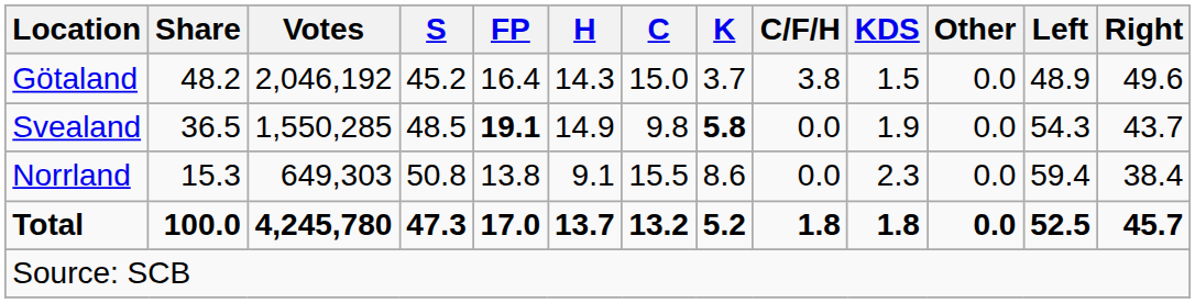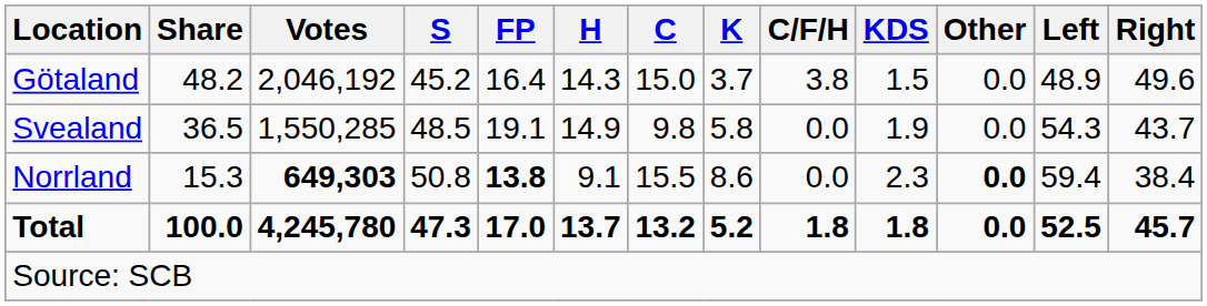 <table class="wikitable sortable" style=text-align:right>
 <tr>
 <th>Location</th>
 <th>Share</th>
 <th>Votes</th>
 <th><a href='#'>S</a></th>
 <th><a href='#'>FP</a></th>
 <th><a href='#'>H</a></th>
 <th><a href='#'>C</a></th>
 <th><a href='#'>K</a></th>
 <th>C/F/H</th>
 <th><a href='#'>KDS</a></th>
 <th>Other</th>
 <th>Left</th>
 <th>Right</th>
 </tr>
 <tr>
 <td align=left><a href='#'>Götaland</a></td>
 <td>48.2</td>
 <td>2,046,192</td>
 <td>45.2</td>
 <td>16.4</td>
 <td>14.3</td>
 <td>15.0</td>
 <td>3.7</td>
 <td>3.8</td>
 <td>1.5</td>
 <td>0.0</td>
 <td>48.9</td>
 <td>49.6</td>
 </tr>
 <tr>
 <td align=left><a href='#'>Svealand</a></td>
 <td>36.5</td>
 <td>1,550,285</td>
 <td>48.5</td>
-<td><strong>19.1</strong></td>
+<td>19.1</td>
 <td>14.9</td>
 <td>9.8</td>
-<td><strong>5.8</strong></td>
+<td>5.8</td>
 <td>0.0</td>
 <td>1.9</td>
 <td>0.0</td>
 <td>54.3</td>
 <td>43.7</td>
 </tr>
 <tr>
 <td align=left><a href='#'>Norrland</a></td>
 <td>15.3</td>
-<td>649,303</td>
+<td><strong>649,303</strong></td>
 <td>50.8</td>
-<td>13.8</td>
+<td><strong>13.8</strong></td>
 <td>9.1</td>
 <td>15.5</td>
 <td>8.6</td>
 <td>0.0</td>
 <td>2.3</td>
-<td>0.0</td>
+<td><strong>0.0</strong></td>
 <td>59.4</td>
 <td>38.4</td>
 </tr>
 <tr>
 <td align=left><strong>Total</strong></td>
 <td><strong>100.0</strong></td>
 <td><strong>4,245,780</strong></td>
 <td><strong>47.3</strong></td>
 <td><strong>17.0</strong></td>
 <td><strong>13.7</strong></td>
 <td><strong>13.2</strong></td>
 <td><strong>5.2</strong></td>
 <td><strong>1.8</strong></td>
 <td><strong>1.8</strong></td>
 <td><strong>0.0</strong></td>
 <td><strong>52.5</strong></td>
 <td><strong>45.7</strong></td>
 </tr>
 <tr>
 <td align=left colspan=13>Source: SCB </td>
 </tr>
 </table>
